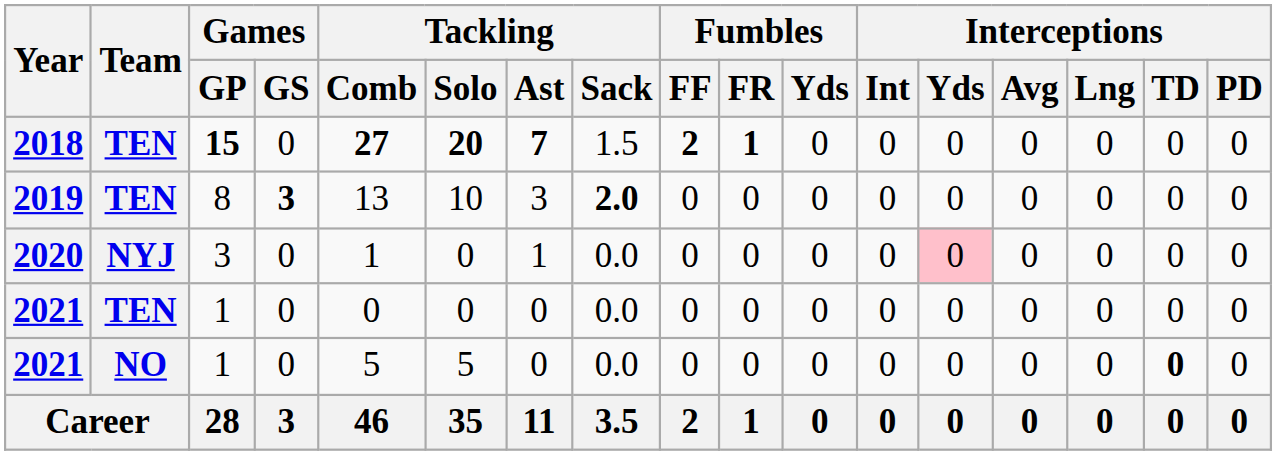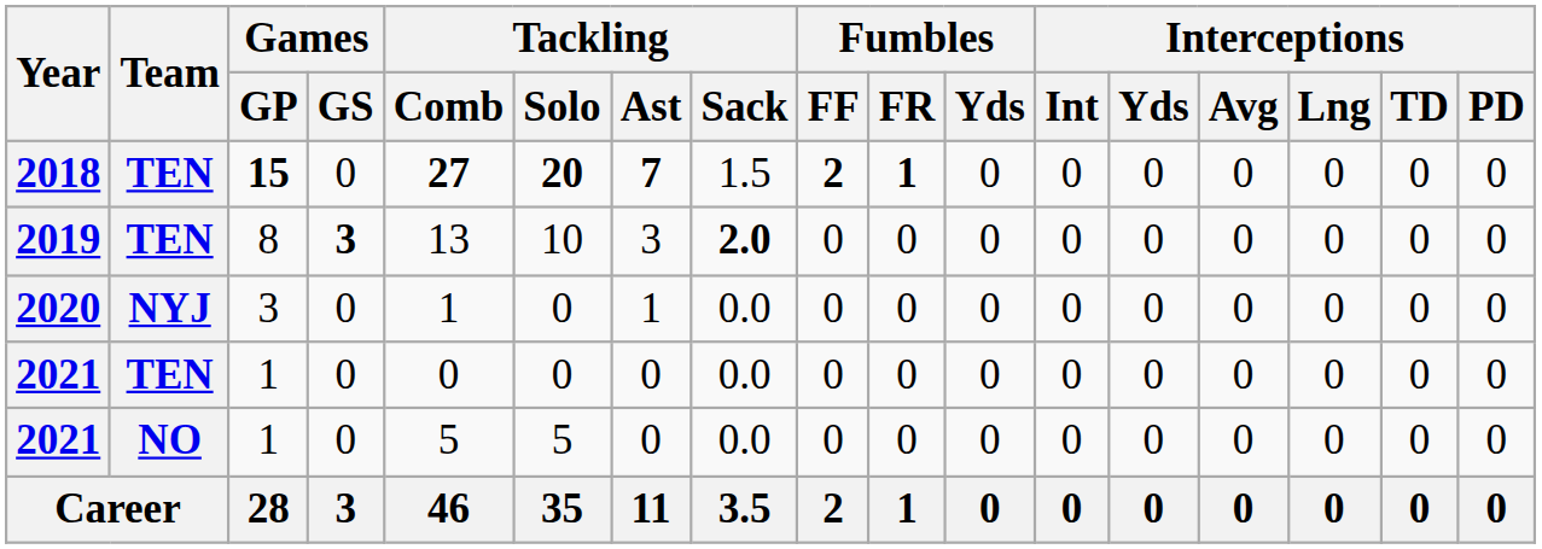 <table class= "wikitable" style="text-align:center;">
 <tr>
 <th rowspan="2">Year</th>
 <th rowspan="2">Team</th>
 <th colspan="2">Games</th>
 <th colspan="4">Tackling</th>
 <th colspan="3">Fumbles</th>
 <th colspan="6">Interceptions</th>
 </tr>
 <tr>
 <th>GP</th>
 <th>GS</th>
 <th>Comb</th>
 <th>Solo</th>
 <th>Ast</th>
 <th>Sack</th>
 <th>FF</th>
 <th>FR</th>
 <th>Yds</th>
 <th>Int</th>
 <th>Yds</th>
 <th>Avg</th>
 <th>Lng</th>
 <th>TD</th>
 <th>PD</th>
 </tr>
 <tr>
 <th><a href='#'>2018</a></th>
 <th><a href='#'>TEN</a></th>
 <td><strong>15</strong></td>
 <td>0</td>
 <td><strong>27</strong></td>
 <td><strong>20</strong></td>
 <td><strong>7</strong></td>
 <td>1.5</td>
 <td><strong>2</strong></td>
 <td><strong>1</strong></td>
 <td>0</td>
 <td>0</td>
 <td>0</td>
 <td>0</td>
 <td>0</td>
 <td>0</td>
 <td>0</td>
 </tr>
 <tr>
 <th><a href='#'>2019</a></th>
 <th><a href='#'>TEN</a></th>
 <td>8</td>
 <td><strong>3</strong></td>
 <td>13</td>
 <td>10</td>
 <td>3</td>
 <td><strong>2.0</strong></td>
 <td>0</td>
 <td>0</td>
 <td>0</td>
 <td>0</td>
 <td>0</td>
 <td>0</td>
 <td>0</td>
 <td>0</td>
 <td>0</td>
 </tr>
 <tr>
 <th><a href='#'>2020</a></th>
 <th><a href='#'>NYJ</a></th>
 <td>3</td>
 <td>0</td>
 <td>1</td>
 <td>0</td>
 <td>1</td>
 <td>0.0</td>
 <td>0</td>
 <td>0</td>
 <td>0</td>
 <td>0</td>
-<td style="background: pink;">0</td>
+<td>0</td>
 <td>0</td>
 <td>0</td>
 <td>0</td>
 <td>0</td>
 </tr>
 <tr>
 <th><a href='#'>2021</a></th>
 <th><a href='#'>TEN</a></th>
 <td>1</td>
 <td>0</td>
 <td>0</td>
 <td>0</td>
 <td>0</td>
 <td>0.0</td>
 <td>0</td>
 <td>0</td>
 <td>0</td>
 <td>0</td>
 <td>0</td>
 <td>0</td>
 <td>0</td>
 <td>0</td>
 <td>0</td>
 </tr>
 <tr>
 <th><a href='#'>2021</a></th>
 <th><a href='#'>NO</a></th>
 <td>1</td>
 <td>0</td>
 <td>5</td>
 <td>5</td>
 <td>0</td>
 <td>0.0</td>
 <td>0</td>
 <td>0</td>
 <td>0</td>
 <td>0</td>
 <td>0</td>
 <td>0</td>
 <td>0</td>
-<td><strong>0</strong></td>
+<td>0</td>
 <td>0</td>
 </tr>
 <tr>
 <th colspan="2">Career</th>
 <th>28</th>
 <th>3</th>
 <th>46</th>
 <th>35</th>
 <th>11</th>
 <th>3.5</th>
 <th>2</th>
 <th>1</th>
 <th>0</th>
 <th>0</th>
 <th>0</th>
 <th>0</th>
 <th>0</th>
 <th>0</th>
 <th>0</th>
 </tr>
 </table>
